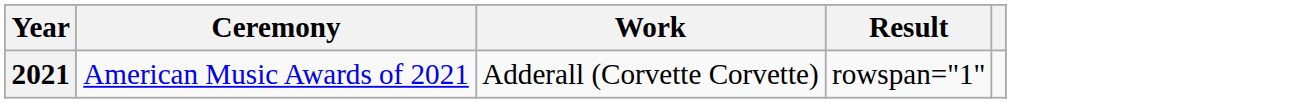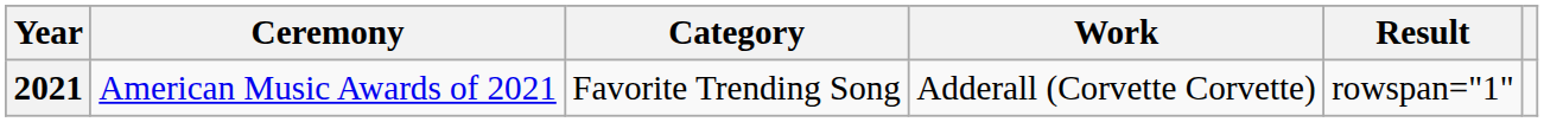 <table class="wikitable plainrowheaders" style="text-align:center;">
 <tr>
 <th>Year</th>
 <th>Ceremony</th>
+<th>Category</th>
 <th>Work</th>
 <th>Result</th>
 <th></th>
 </tr>
 <tr>
 <th scope="row" rowspan="1">2021</th>
 <td rowspan="1"><a href='#'>American Music Awards of 2021</a></td>
+<td>Favorite Trending Song</td>
 <td>Adderall (Corvette Corvette)</td>
 <td>rowspan="1" </td>
 <td rowspan="1"></td>
 </tr>
 </table>
